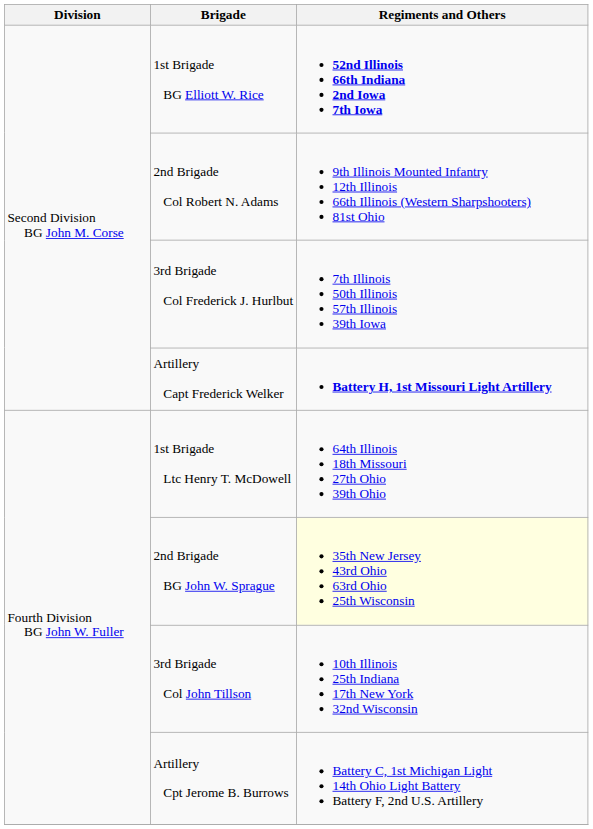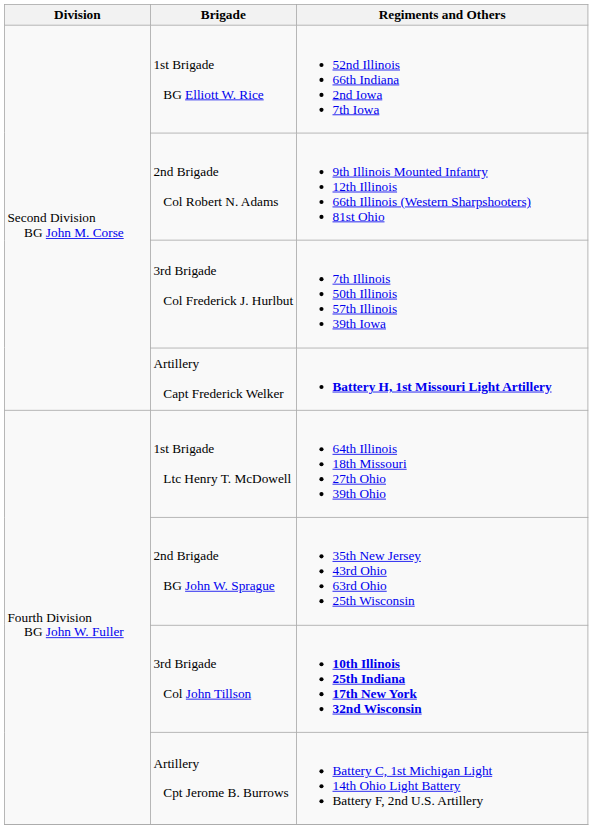 <table class="wikitable">
 <tr>
 <th width=25%>Division</th>
 <th width=25%>Brigade</th>
 <th>Regiments and Others</th>
 </tr>
 <tr>
 <td rowspan=4><br>Second Division <br>     BG <a href='#'>John M. Corse</a><br></td>
 <td>1st Brigade<br><br>   BG <a href='#'>Elliott W. Rice</a></td>
-<td><strong><br><ul><li><a href='#'>52nd Illinois</a></li><li><a href='#'>66th Indiana</a></li><li><a href='#'>2nd Iowa</a></li><li><a href='#'>7th Iowa</a></li></ul></strong></td>
+<td><br><ul><li><a href='#'>52nd Illinois</a></li><li><a href='#'>66th Indiana</a></li><li><a href='#'>2nd Iowa</a></li><li><a href='#'>7th Iowa</a></li></ul></td>
 </tr>
 <tr>
 <td>2nd Brigade<br><br>   Col Robert N. Adams</td>
 <td><br><ul><li><a href='#'>9th Illinois Mounted Infantry</a></li><li><a href='#'>12th Illinois</a></li><li><a href='#'>66th Illinois (Western Sharpshooters)</a></li><li><a href='#'>81st Ohio</a></li></ul></td>
 </tr>
 <tr>
 <td>3rd Brigade<br><br>   Col Frederick J. Hurlbut<br>   </td>
 <td><br><ul><li><a href='#'>7th Illinois</a></li><li><a href='#'>50th Illinois</a></li><li><a href='#'>57th Illinois</a></li><li><a href='#'>39th Iowa</a></li></ul></td>
 </tr>
 <tr>
 <td>Artillery<br><br>   Capt Frederick Welker</td>
 <td><strong><br><ul><li><a href='#'>Battery H, 1st Missouri Light Artillery</a></li></ul></strong></td>
 </tr>
 <tr>
 <td rowspan=4><br>Fourth Division <br>     BG <a href='#'>John W. Fuller</a><br></td>
 <td>1st Brigade<br><br>   Ltc Henry T. McDowell</td>
 <td><br><ul><li><a href='#'>64th Illinois</a></li><li><a href='#'>18th Missouri</a></li><li><a href='#'>27th Ohio</a></li><li><a href='#'>39th Ohio</a></li></ul></td>
 </tr>
 <tr>
 <td>2nd Brigade<br><br>   BG <a href='#'>John W. Sprague</a></td>
-<td style="background: lightyellow;"><br><ul><li><a href='#'>35th New Jersey</a></li><li><a href='#'>43rd Ohio</a></li><li><a href='#'>63rd Ohio</a></li><li><a href='#'>25th Wisconsin</a></li></ul></td>
+<td><br><ul><li><a href='#'>35th New Jersey</a></li><li><a href='#'>43rd Ohio</a></li><li><a href='#'>63rd Ohio</a></li><li><a href='#'>25th Wisconsin</a></li></ul></td>
 </tr>
 <tr>
 <td>3rd Brigade<br><br>   Col <a href='#'>John Tillson</a></td>
-<td><br><ul><li><a href='#'>10th Illinois</a></li><li><a href='#'>25th Indiana</a></li><li><a href='#'>17th New York</a></li><li><a href='#'>32nd Wisconsin</a></li></ul></td>
+<td><strong><br><ul><li><a href='#'>10th Illinois</a></li><li><a href='#'>25th Indiana</a></li><li><a href='#'>17th New York</a></li><li><a href='#'>32nd Wisconsin</a></li></ul></strong></td>
 </tr>
 <tr>
 <td>Artillery<br><br>   Cpt Jerome B. Burrows</td>
 <td><br><ul><li><a href='#'>Battery C, 1st Michigan Light</a></li><li><a href='#'>14th Ohio Light Battery</a></li><li>Battery F, 2nd U.S. Artillery</li></ul></td>
 </tr>
 <tr>
 </tr>
 </table>
